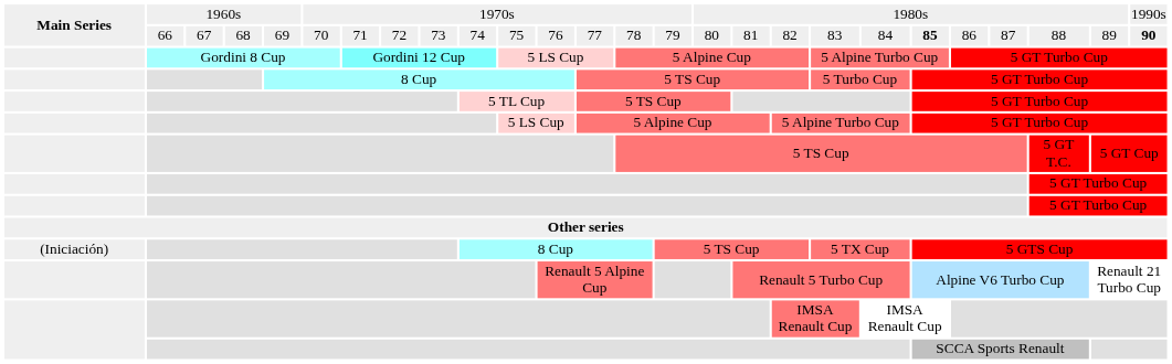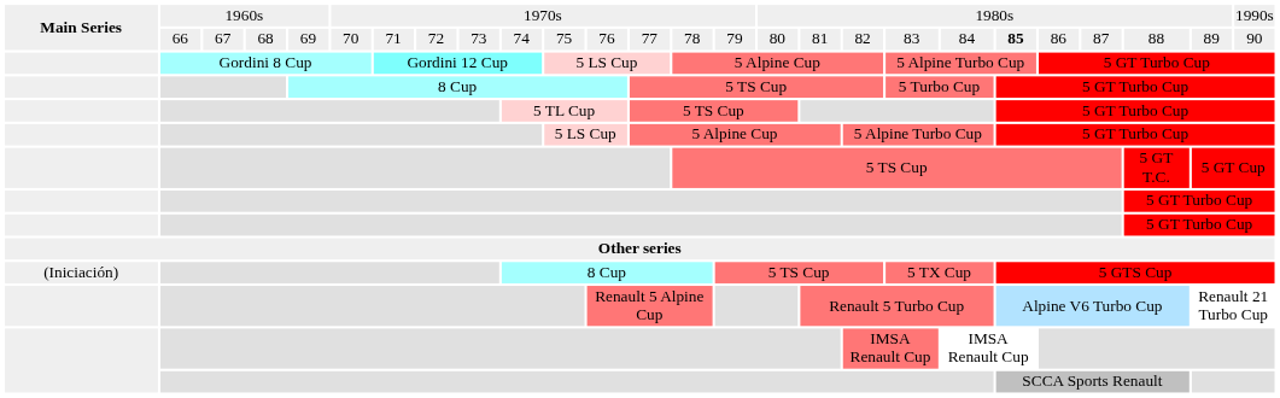 <table class="toccolours" style="margin: 0.5em auto; clear: both; font-size:80%">
 <tr>
 <td align=center rowspan=2 width=120 bgcolor=#EFEFEF><strong> Main Series</strong></td>
 <td align=center colspan=4 bgcolor=#EFEFEF>1960s</td>
 <td align=center colspan=10 bgcolor=#EFEFEF>1970s</td>
 <td align=center colspan=10 bgcolor=#EFEFEF>1980s</td>
 <td align=center colspan=1 bgcolor=#EFEFEF>1990s</td>
 </tr>
 <tr align=center bgcolor=#EFEFEF>
 <td width=30>66</td>
 <td width=30>67</td>
 <td width=30>68</td>
 <td width=30>69</td>
 <td width=30>70</td>
 <td width=30>71</td>
 <td width=30>72</td>
 <td width=30>73</td>
 <td width=30>74</td>
 <td width=30>75</td>
 <td width=30>76</td>
 <td width=30>77</td>
 <td width=30>78</td>
 <td width=30>79</td>
 <td width=30>80</td>
 <td width=30>81</td>
 <td width=30>82</td>
 <td width=40>83</td>
 <td width=40>84</td>
 <td width=30><strong>85</strong></td>
 <td width=30>86</td>
 <td width=30>87</td>
 <td width=50>88</td>
 <td width=30>89</td>
-<td width=30><strong>90</strong></td>
+<td width=30>90</td>
 </tr>
 <tr align=center>
 <td bgcolor=#EFEFEF rowspan=1 colspan=1></td>
 <td colspan= 5 bgcolor=#a4fffe>Gordini 8 Cup</td>
 <td colspan= 4 bgcolor=#7efffd>Gordini 12 Cup</td>
 <td colspan= 3 bgcolor=#ffd2d2>5 LS Cup</td>
 <td colspan= 5 bgcolor=#ff7676>5 Alpine Cup</td>
 <td colspan= 3 bgcolor=#ff7676>5 Alpine Turbo Cup</td>
 <td colspan= 5 bgcolor=#ff0000>5 GT Turbo Cup</td>
 </tr>
 <tr align=center>
 <td bgcolor=#EFEFEF rowspan=1 colspan=1></td>
 <td colspan= 3 bgcolor=#E0E0E0></td>
 <td colspan= 8 bgcolor=#a4fffe>8 Cup</td>
 <td colspan= 6 bgcolor=#ff7676>5 TS Cup</td>
 <td colspan= 2 bgcolor=#ff7676>5 Turbo Cup</td>
 <td colspan= 6 bgcolor=#ff0000>5 GT Turbo Cup</td>
 </tr>
 <tr align=center>
 <td bgcolor=#EFEFEF rowspan=1></td>
 <td colspan= 8 bgcolor=#E0E0E0></td>
 <td colspan= 3 bgcolor=#ffd2d2>5 TL Cup</td>
 <td colspan= 4 bgcolor=#ff7676>5 TS Cup</td>
 <td colspan= 4 bgcolor=#E0E0E0></td>
 <td colspan= 6 bgcolor=#ff0000>5 GT Turbo Cup</td>
 </tr>
 <tr align=center>
 <td bgcolor=#EFEFEF rowspan=1 colspan=1></td>
 <td colspan= 9 bgcolor=#E0E0E0></td>
 <td colspan= 2 bgcolor=#ffd2d2>5 LS Cup</td>
 <td colspan= 5 bgcolor=#ff7676>5 Alpine Cup</td>
 <td colspan= 3 bgcolor=#ff7676>5 Alpine Turbo Cup</td>
 <td colspan= 6 bgcolor=#ff0000>5 GT Turbo Cup</td>
 </tr>
 <tr align=center>
 <td bgcolor=#EFEFEF rowspan=1></td>
 <td colspan= 12 bgcolor=#E0E0E0></td>
 <td colspan= 10 bgcolor=#ff7676>5 TS Cup</td>
 <td colspan= 1 bgcolor=#ff0000>5 GT T.C.</td>
 <td colspan= 2 bgcolor=#ff0000>5 GT Cup</td>
 </tr>
 <tr align=center>
 <td bgcolor=#EFEFEF rowspan=1></td>
 <td colspan= 22 bgcolor=#E0E0E0></td>
 <td colspan= 3 bgcolor=#ff0000>5 GT Turbo Cup</td>
 </tr>
 <tr align=center>
 <td bgcolor=#EFEFEF rowspan=1></td>
 <td colspan= 22 bgcolor=#E0E0E0></td>
 <td colspan= 3 bgcolor=#ff0000>5 GT Turbo Cup</td>
 </tr>
 <tr>
 <th align=center width=150 colspan=50 bgcolor=#EFEFEF>Other series</th>
 </tr>
 <tr align=center>
 <td bgcolor=#EFEFEF rowspan=1 colspan=1> (Iniciación)</td>
 <td colspan= 8 bgcolor=#E0E0E0></td>
 <td colspan= 5 bgcolor=#a4fffe>8 Cup</td>
 <td colspan= 4 bgcolor=#ff7676>5 TS Cup</td>
 <td colspan= 2 bgcolor=#ff7676>5 TX Cup</td>
 <td colspan= 6 bgcolor=#ff0000>5 GTS Cup</td>
 </tr>
 <tr align=center>
 <td bgcolor=#EFEFEF rowspan=1 colspan=1></td>
 <td colspan= 10 bgcolor=#E0E0E0></td>
 <td colspan= 3 bgcolor=#ff7676>Renault 5 Alpine Cup</td>
 <td colspan= 2 bgcolor=#E0E0E0></td>
 <td colspan= 4 bgcolor=#ff7676>Renault 5 Turbo Cup</td>
 <td colspan= 4 bgcolor=#b2e3ff>Alpine V6 Turbo Cup</td>
 <td colspan= 2 bgcolor=#FFFFFF>Renault 21 Turbo Cup</td>
 </tr>
 <tr align=center>
 <td bgcolor=#EFEFEF rowspan=2 colspan=1></td>
 <td colspan= 16 bgcolor=#E0E0E0></td>
 <td colspan= 2 bgcolor=#ff7676>IMSA Renault Cup</td>
 <td colspan= 2 bgcolor=#FFFFFF>IMSA Renault Cup</td>
 <td colspan= 10 bgcolor=#E0E0E0></td>
 </tr>
 <tr align=center>
 <td colspan= 19 bgcolor=#E0E0E0></td>
 <td colspan= 4 bgcolor=#C0C0C0>SCCA Sports Renault</td>
 <td colspan= 10 bgcolor=#E0E0E0></td>
 </tr>
 <tr align=center>
 </tr>
 </table>
